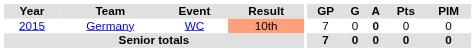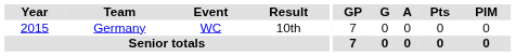 <table border="0" cellpadding="1" cellspacing="0" ID="Table3" style="text-align:center; width:40em">
 <tr ALIGN="center" bgcolor="#e0e0e0">
 <th>Year</th>
 <th>Team</th>
 <th>Event</th>
 <th>Result</th>
 <th rowspan="99" bgcolor="#ffffff"></th>
 <th>GP</th>
 <th>G</th>
 <th>A</th>
 <th>Pts</th>
 <th>PIM</th>
 </tr>
 <tr>
 <td><a href='#'>2015</a></td>
 <td><a href='#'>Germany</a></td>
 <td><a href='#'>WC</a></td>
-<td style="background: lightsalmon;">10th</td>
+<td>10th</td>
 <td>7</td>
 <td>0</td>
-<td><strong>0</strong></td>
+<td>0</td>
 <td>0</td>
 <td>0</td>
 </tr>
 <tr bgcolor="#e0e0e0">
 <th colspan=4>Senior totals</th>
 <th>7</th>
 <th>0</th>
 <th>0</th>
 <th>0</th>
 <th>0</th>
 </tr>
 </table>
